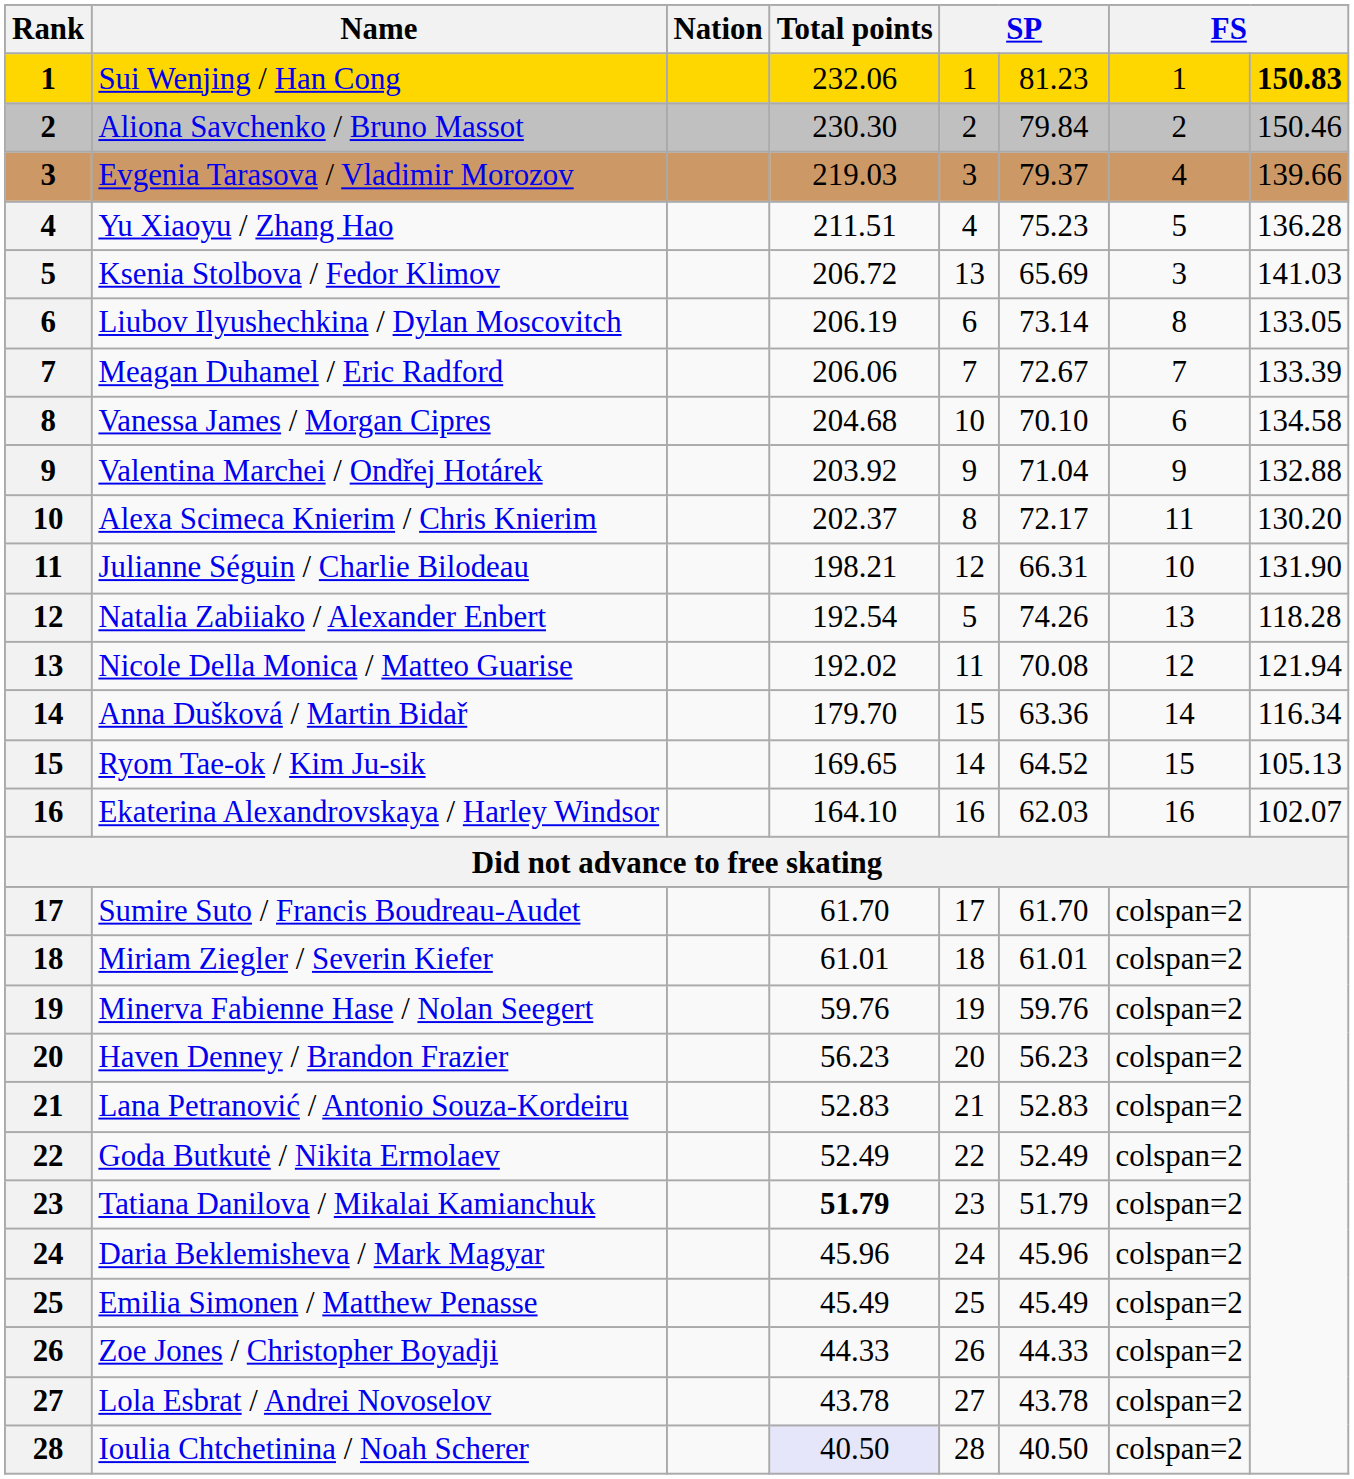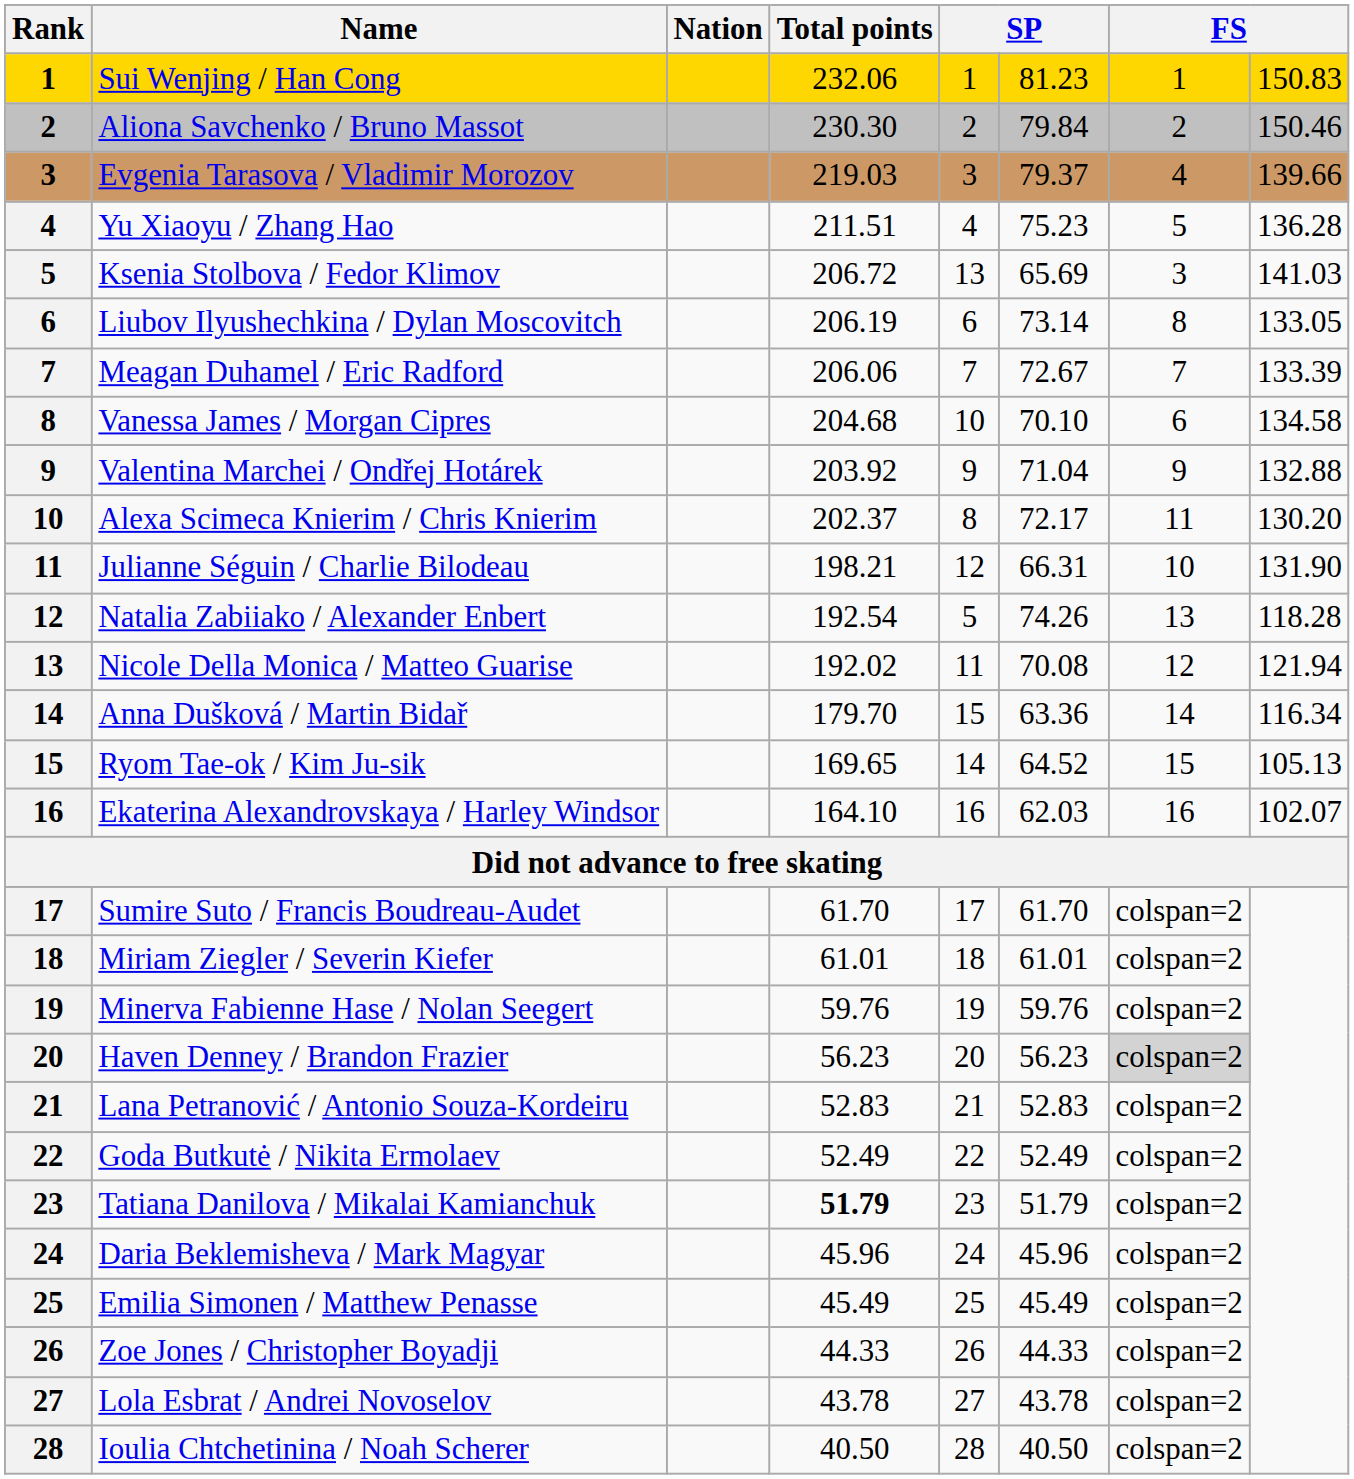 <table class="wikitable sortable">
 <tr>
 <th>Rank</th>
 <th>Name</th>
 <th>Nation</th>
 <th>Total points</th>
 <th colspan="2" width="80px"><a href='#'>SP</a></th>
 <th colspan="2" width="80px"><a href='#'>FS</a></th>
 </tr>
 <tr bgcolor="gold">
 <td align="center"><strong>1</strong></td>
 <td><a href='#'>Sui Wenjing</a> / <a href='#'>Han Cong</a></td>
 <td></td>
 <td align="center">232.06</td>
 <td align="center">1</td>
 <td align="center">81.23</td>
 <td align="center">1</td>
-<td align="center"><strong>150.83</strong></td>
+<td align="center">150.83</td>
 </tr>
 <tr bgcolor="silver">
 <td align="center"><strong>2</strong></td>
 <td><a href='#'>Aliona Savchenko</a> / <a href='#'>Bruno Massot</a></td>
 <td></td>
 <td align="center">230.30</td>
 <td align="center">2</td>
 <td align="center">79.84</td>
 <td align="center">2</td>
 <td align="center">150.46</td>
 </tr>
 <tr bgcolor="#cc9966">
 <td align="center"><strong>3</strong></td>
 <td><a href='#'>Evgenia Tarasova</a> / <a href='#'>Vladimir Morozov</a></td>
 <td></td>
 <td align="center">219.03</td>
 <td align="center">3</td>
 <td align="center">79.37</td>
 <td align="center">4</td>
 <td align="center">139.66</td>
 </tr>
 <tr>
 <th>4</th>
 <td><a href='#'>Yu Xiaoyu</a> / <a href='#'>Zhang Hao</a></td>
 <td></td>
 <td align="center">211.51</td>
 <td align="center">4</td>
 <td align="center">75.23</td>
 <td align="center">5</td>
 <td align="center">136.28</td>
 </tr>
 <tr>
 <th>5</th>
 <td><a href='#'>Ksenia Stolbova</a> / <a href='#'>Fedor Klimov</a></td>
 <td></td>
 <td align="center">206.72</td>
 <td align="center">13</td>
 <td align="center">65.69</td>
 <td align="center">3</td>
 <td align="center">141.03</td>
 </tr>
 <tr>
 <th>6</th>
 <td><a href='#'>Liubov Ilyushechkina</a> / <a href='#'>Dylan Moscovitch</a></td>
 <td></td>
 <td align="center">206.19</td>
 <td align="center">6</td>
 <td align="center">73.14</td>
 <td align="center">8</td>
 <td align="center">133.05</td>
 </tr>
 <tr>
 <th>7</th>
 <td><a href='#'>Meagan Duhamel</a> / <a href='#'>Eric Radford</a></td>
 <td></td>
 <td align="center">206.06</td>
 <td align="center">7</td>
 <td align="center">72.67</td>
 <td align="center">7</td>
 <td align="center">133.39</td>
 </tr>
 <tr>
 <th>8</th>
 <td><a href='#'>Vanessa James</a> / <a href='#'>Morgan Cipres</a></td>
 <td></td>
 <td align="center">204.68</td>
 <td align="center">10</td>
 <td align="center">70.10</td>
 <td align="center">6</td>
 <td align="center">134.58</td>
 </tr>
 <tr>
 <th>9</th>
 <td><a href='#'>Valentina Marchei</a> / <a href='#'>Ondřej Hotárek</a></td>
 <td></td>
 <td align="center">203.92</td>
 <td align="center">9</td>
 <td align="center">71.04</td>
 <td align="center">9</td>
 <td align="center">132.88</td>
 </tr>
 <tr>
 <th>10</th>
 <td><a href='#'>Alexa Scimeca Knierim</a> / <a href='#'>Chris Knierim</a></td>
 <td></td>
 <td align="center">202.37</td>
 <td align="center">8</td>
 <td align="center">72.17</td>
 <td align="center">11</td>
 <td align="center">130.20</td>
 </tr>
 <tr>
 <th>11</th>
 <td><a href='#'>Julianne Séguin</a> / <a href='#'>Charlie Bilodeau</a></td>
 <td></td>
 <td align="center">198.21</td>
 <td align="center">12</td>
 <td align="center">66.31</td>
 <td align="center">10</td>
 <td align="center">131.90</td>
 </tr>
 <tr>
 <th>12</th>
 <td><a href='#'>Natalia Zabiiako</a> / <a href='#'>Alexander Enbert</a></td>
 <td></td>
 <td align="center">192.54</td>
 <td align="center">5</td>
 <td align="center">74.26</td>
 <td align="center">13</td>
 <td align="center">118.28</td>
 </tr>
 <tr>
 <th>13</th>
 <td><a href='#'>Nicole Della Monica</a> / <a href='#'>Matteo Guarise</a></td>
 <td></td>
 <td align="center">192.02</td>
 <td align="center">11</td>
 <td align="center">70.08</td>
 <td align="center">12</td>
 <td align="center">121.94</td>
 </tr>
 <tr>
 <th>14</th>
 <td><a href='#'>Anna Dušková</a> / <a href='#'>Martin Bidař</a></td>
 <td></td>
 <td align="center">179.70</td>
 <td align="center">15</td>
 <td align="center">63.36</td>
 <td align="center">14</td>
 <td align="center">116.34</td>
 </tr>
 <tr>
 <th>15</th>
 <td><a href='#'>Ryom Tae-ok</a> / <a href='#'>Kim Ju-sik</a></td>
 <td></td>
 <td align="center">169.65</td>
 <td align="center">14</td>
 <td align="center">64.52</td>
 <td align="center">15</td>
 <td align="center">105.13</td>
 </tr>
 <tr>
 <th>16</th>
 <td><a href='#'>Ekaterina Alexandrovskaya</a> / <a href='#'>Harley Windsor</a></td>
 <td></td>
 <td align="center">164.10</td>
 <td align="center">16</td>
 <td align="center">62.03</td>
 <td align="center">16</td>
 <td align="center">102.07</td>
 </tr>
 <tr>
 <th colspan=8>Did not advance to free skating</th>
 </tr>
 <tr>
 <th>17</th>
 <td><a href='#'>Sumire Suto</a> / <a href='#'>Francis Boudreau-Audet</a></td>
 <td></td>
 <td align="center">61.70</td>
 <td align="center">17</td>
 <td align="center">61.70</td>
 <td>colspan=2 </td>
 </tr>
 <tr>
 <th>18</th>
 <td><a href='#'>Miriam Ziegler</a> / <a href='#'>Severin Kiefer</a></td>
 <td></td>
 <td align="center">61.01</td>
 <td align="center">18</td>
 <td align="center">61.01</td>
 <td>colspan=2 </td>
 </tr>
 <tr>
 <th>19</th>
 <td><a href='#'>Minerva Fabienne Hase</a> / <a href='#'>Nolan Seegert</a></td>
 <td></td>
 <td align="center">59.76</td>
 <td align="center">19</td>
 <td align="center">59.76</td>
 <td>colspan=2 </td>
 </tr>
 <tr>
 <th>20</th>
 <td><a href='#'>Haven Denney</a> / <a href='#'>Brandon Frazier</a></td>
 <td></td>
 <td align="center">56.23</td>
 <td align="center">20</td>
 <td align="center">56.23</td>
-<td>colspan=2 </td>
+<td style="background: lightgrey;">colspan=2 </td>
 </tr>
 <tr>
 <th>21</th>
 <td><a href='#'>Lana Petranović</a> / <a href='#'>Antonio Souza-Kordeiru</a></td>
 <td></td>
 <td align="center">52.83</td>
 <td align="center">21</td>
 <td align="center">52.83</td>
 <td>colspan=2 </td>
 </tr>
 <tr>
 <th>22</th>
 <td><a href='#'>Goda Butkutė</a> / <a href='#'>Nikita Ermolaev</a></td>
 <td></td>
 <td align="center">52.49</td>
 <td align="center">22</td>
 <td align="center">52.49</td>
 <td>colspan=2 </td>
 </tr>
 <tr>
 <th>23</th>
 <td><a href='#'>Tatiana Danilova</a> / <a href='#'>Mikalai Kamianchuk</a></td>
 <td></td>
 <td align="center"><strong>51.79</strong></td>
 <td align="center">23</td>
 <td align="center">51.79</td>
 <td>colspan=2 </td>
 </tr>
 <tr>
 <th>24</th>
 <td><a href='#'>Daria Beklemisheva</a> / <a href='#'>Mark Magyar</a></td>
 <td></td>
 <td align="center">45.96</td>
 <td align="center">24</td>
 <td align="center">45.96</td>
 <td>colspan=2 </td>
 </tr>
 <tr>
 <th>25</th>
 <td><a href='#'>Emilia Simonen</a> / <a href='#'>Matthew Penasse</a></td>
 <td></td>
 <td align="center">45.49</td>
 <td align="center">25</td>
 <td align="center">45.49</td>
 <td>colspan=2 </td>
 </tr>
 <tr>
 <th>26</th>
 <td><a href='#'>Zoe Jones</a> / <a href='#'>Christopher Boyadji</a></td>
 <td></td>
 <td align="center">44.33</td>
 <td align="center">26</td>
 <td align="center">44.33</td>
 <td>colspan=2 </td>
 </tr>
 <tr>
 <th>27</th>
 <td><a href='#'>Lola Esbrat</a> / <a href='#'>Andrei Novoselov</a></td>
 <td></td>
 <td align="center">43.78</td>
 <td align="center">27</td>
 <td align="center">43.78</td>
 <td>colspan=2 </td>
 </tr>
 <tr>
 <th>28</th>
 <td><a href='#'>Ioulia Chtchetinina</a> / <a href='#'>Noah Scherer</a></td>
 <td></td>
-<td align="center" style="background: lavender;">40.50</td>
+<td align="center">40.50</td>
 <td align="center">28</td>
 <td align="center">40.50</td>
 <td>colspan=2 </td>
 </tr>
 </table>
